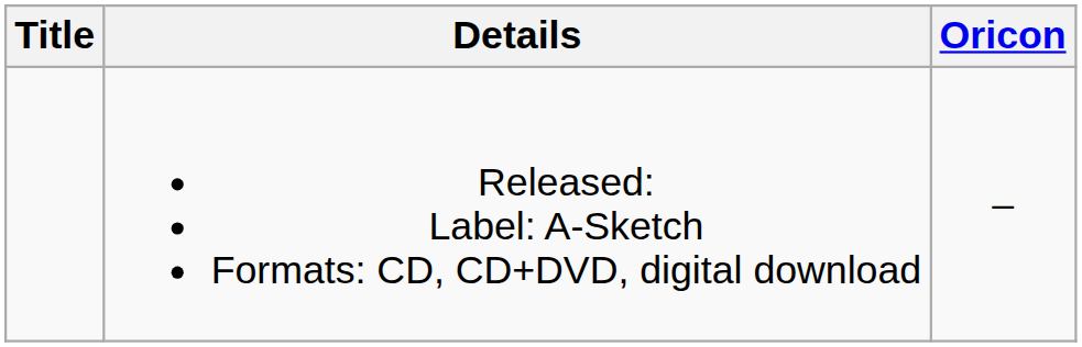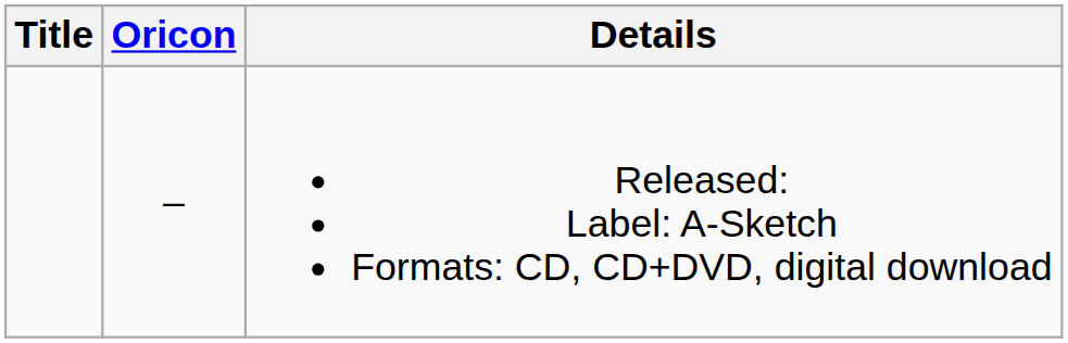 <table class="wikitable " style="text-align:center;">
 <tr>
 <th>Title</th>
+<th><a href='#'>Oricon</a></th>
 <th>Details</th>
-<th><a href='#'>Oricon</a></th>
 </tr>
 <tr>
 <td></td>
+<td>–</td>
 <td><br><ul><li>Released: </li><li>Label: A-Sketch</li><li>Formats: CD, CD+DVD, digital download</li></ul></td>
-<td>–</td>
 </tr>
 </table>
